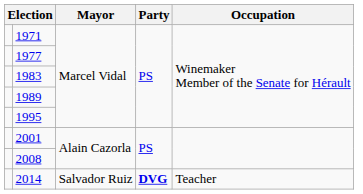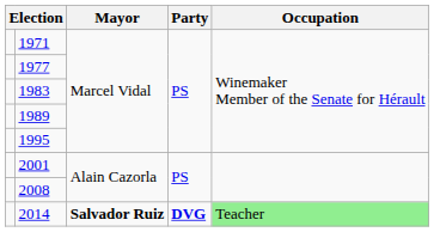 <table class="wikitable">
 <tr>
 <th colspan="2">Election</th>
 <th>Mayor</th>
 <th>Party</th>
 <th>Occupation</th>
 </tr>
 <tr>
 <td style="background-color: "></td>
 <td><a href='#'>1971</a></td>
 <td rowspan="5">Marcel Vidal</td>
 <td rowspan="5"><a href='#'>PS</a></td>
 <td rowspan="5">Winemaker <br> Member of the <a href='#'>Senate</a> for <a href='#'>Hérault</a></td>
 </tr>
 <tr>
 <td style="background-color: "></td>
 <td><a href='#'>1977</a></td>
 </tr>
 <tr>
 <td style="background-color: "></td>
 <td><a href='#'>1983</a></td>
 </tr>
 <tr>
 <td style="background-color: "></td>
 <td><a href='#'>1989</a></td>
 </tr>
 <tr>
 <td style="background-color: "></td>
 <td><a href='#'>1995</a></td>
 </tr>
 <tr>
 <td style="background-color: "></td>
 <td><a href='#'>2001</a></td>
 <td rowspan="2">Alain Cazorla</td>
 <td rowspan="2"><a href='#'>PS</a></td>
 <td rowspan="2"></td>
 </tr>
 <tr>
 <td style="background-color: "></td>
 <td><a href='#'>2008</a></td>
 </tr>
 <tr>
 <td style="background-color: "></td>
 <td><a href='#'>2014</a></td>
-<td>Salvador Ruiz</td>
+<td><strong>Salvador Ruiz</strong></td>
 <td><strong><a href='#'>DVG</a></strong></td>
-<td>Teacher</td>
+<td style="background: lightgreen;">Teacher</td>
 </tr>
 </table>
